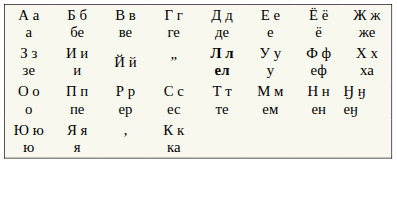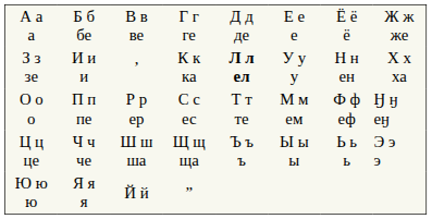 <table style="font-family:Arial Unicode MS; font-size:1.4em; border-color:#000000; border-width:1px; border-style:solid; border-collapse:collapse; background-color:#F8F8EF">
 <tr>
 <td style="width:3em; text-align:center; padding: 3px;">А а<br>а</td>
 <td style="width:3em; text-align:center; padding: 3px;">Б б<br>бе</td>
 <td style="width:3em; text-align:center; padding: 3px;">В в<br>ве</td>
 <td style="width:3em; text-align:center; padding: 3px;">Г г<br>ге</td>
 <td style="width:3em; text-align:center; padding: 3px;">Д д<br>де</td>
 <td style="width:3em; text-align:center; padding: 3px;">Е е<br>е</td>
 <td style="width:3em; text-align:center; padding: 3px;">Ё ё<br>ё</td>
 <td style="width:3em; text-align:center; padding: 3px;">Ж ж<br>же</td>
 </tr>
 <tr>
 <td style="width:3em; text-align:center; padding: 3px;">З з<br>зе</td>
 <td style="width:3em; text-align:center; padding: 3px;">И и<br>и</td>
-<td style="width:3em; text-align:center; padding: 3px;">Й й</td>
-<td style="width:3em; text-align:center; padding: 3px;">ˮ</td>
+<td style="width:3em; text-align:center; padding: 3px;">ʼ</td>
+<td style="width:3em; text-align:center; padding: 3px;">К к<br>ка</td>
 <td style="width:3em; text-align:center; padding: 3px;"><strong>Л л<br>ел</strong></td>
 <td style="width:3em; text-align:center; padding: 3px;">У у<br>у</td>
-<td style="width:3em; text-align:center; padding: 3px;">Ф ф<br>еф</td>
+<td style="width:3em; text-align:center; padding: 3px;">Н н<br>ен</td>
 <td style="width:3em; text-align:center; padding: 3px;">Х х<br>ха</td>
 </tr>
 <tr>
 <td style="width:3em; text-align:center; padding: 3px;">О о<br>о</td>
 <td style="width:3em; text-align:center; padding: 3px;">П п<br>пе</td>
 <td style="width:3em; text-align:center; padding: 3px;">Р р<br>ер</td>
 <td style="width:3em; text-align:center; padding: 3px;">С с<br>ес</td>
 <td style="width:3em; text-align:center; padding: 3px;">Т т<br>те</td>
 <td style="width:3em; text-align:center; padding: 3px;">М м<br>ем</td>
-<td style="width:3em; text-align:center; padding: 3px;">Н н<br>ен</td>
+<td style="width:3em; text-align:center; padding: 3px;">Ф ф<br>еф</td>
 <td>Ӈ ӈ<br>еӈ</td>
+</tr>
+<tr>
+<td style="width:3em; text-align:center; padding: 3px;">Ц ц<br>це</td>
+<td style="width:3em; text-align:center; padding: 3px;">Ч ч<br>че</td>
+<td style="width:3em; text-align:center; padding: 3px;">Ш ш<br>ша</td>
+<td style="width:3em; text-align:center; padding: 3px;">Щ щ<br>ща</td>
+<td style="width:3em; text-align:center; padding: 3px;">Ъ ъ<br>ъ</td>
+<td style="width:3em; text-align:center; padding: 3px;">Ы ы<br>ы</td>
+<td style="width:3em; text-align:center; padding: 3px;">Ь ь<br>ь</td>
+<td>Э э<br>э</td>
 </tr>
 <tr>
 <td style="width:3em; text-align:center; padding: 3px;">Ю ю<br>ю</td>
 <td style="width:3em; text-align:center; padding: 3px;">Я я<br>я</td>
-<td style="width:3em; text-align:center; padding: 3px;">ʼ</td>
-<td style="width:3em; text-align:center; padding: 3px;">К к<br>ка</td>
+<td style="width:3em; text-align:center; padding: 3px;">Й й</td>
+<td style="width:3em; text-align:center; padding: 3px;">ˮ</td>
 <td style="width:3em; text-align:center; padding: 3px;"></td>
 <td style="width:3em; text-align:center; padding: 3px;"></td>
 <td></td>
 <td></td>
 </tr>
 </table>
